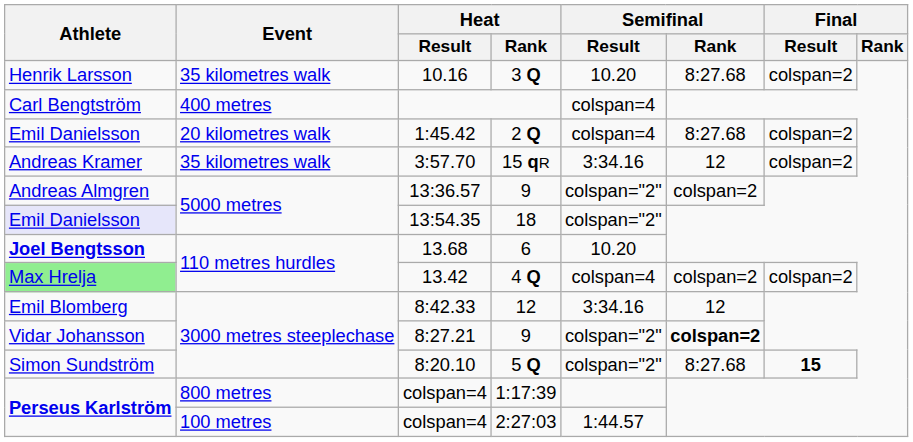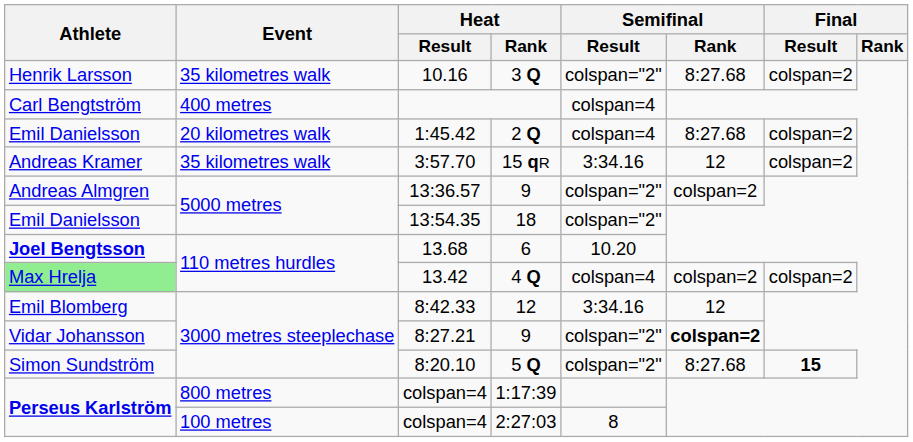 <table class="wikitable" style="font-size:90%">
 <tr>
 <th rowspan="2">Athlete</th>
 <th rowspan="2">Event</th>
 <th colspan="2">Heat</th>
 <th colspan="2">Semifinal</th>
 <th colspan="2">Final</th>
 </tr>
 <tr style="font-size:95%">
 <th>Result</th>
 <th>Rank</th>
 <th>Result</th>
 <th>Rank</th>
 <th>Result</th>
 <th>Rank</th>
 </tr>
 <tr align="center">
 <td align=left><a href='#'>Henrik Larsson</a></td>
 <td align=left><a href='#'>35 kilometres walk</a></td>
 <td>10.16</td>
 <td>3 <strong>Q</strong></td>
-<td>10.20</td>
+<td>colspan="2" </td>
 <td>8:27.68</td>
 <td>colspan=2 </td>
 </tr>
 <tr align="center">
 <td align=left><a href='#'>Carl Bengtström</a></td>
 <td align=left><a href='#'>400 metres</a></td>
 <td colspan=2></td>
 <td>colspan=4 </td>
 </tr>
 <tr align="center">
 <td align=left><a href='#'>Emil Danielsson</a></td>
 <td align=left><a href='#'>20 kilometres walk</a></td>
 <td>1:45.42</td>
 <td>2 <strong>Q</strong></td>
 <td>colspan=4 </td>
 <td>8:27.68</td>
 <td>colspan=2 </td>
 </tr>
 <tr align="center">
 <td align=left><a href='#'>Andreas Kramer</a></td>
 <td align=left><a href='#'>35 kilometres walk</a></td>
 <td>3:57.70</td>
 <td>15 <strong>q</strong><small>R</small></td>
 <td>3:34.16 </td>
 <td>12</td>
 <td>colspan=2 </td>
 </tr>
 <tr align="center">
 <td align=left><a href='#'>Andreas Almgren</a></td>
 <td align=left rowspan=2><a href='#'>5000 metres</a></td>
 <td>13:36.57</td>
 <td>9</td>
 <td>colspan="2" </td>
 <td>colspan=2 </td>
 </tr>
 <tr align="center">
-<td align=left style="background: lavender;"><a href='#'>Emil Danielsson</a></td>
+<td align=left><a href='#'>Emil Danielsson</a></td>
 <td>13:54.35</td>
 <td>18</td>
 <td>colspan="2" </td>
 </tr>
 <tr align="center">
 <td align=left><strong><a href='#'>Joel Bengtsson</a></strong></td>
 <td align=left rowspan=2><a href='#'>110 metres hurdles</a></td>
 <td>13.68</td>
 <td>6</td>
 <td>10.20</td>
 </tr>
 <tr align="center">
 <td align=left style="background: lightgreen;"><a href='#'>Max Hrelja</a></td>
 <td>13.42 </td>
 <td>4 <strong>Q</strong></td>
 <td>colspan=4 </td>
 <td>colspan=2 </td>
 <td>colspan=2 </td>
 </tr>
 <tr align="center">
 <td align=left><a href='#'>Emil Blomberg</a></td>
 <td align=left rowspan=3><a href='#'>3000 metres steeplechase</a></td>
 <td>8:42.33</td>
 <td>12</td>
 <td>3:34.16 </td>
 <td>12</td>
 </tr>
 <tr align="center">
 <td align=left><a href='#'>Vidar Johansson</a></td>
 <td>8:27.21</td>
 <td>9</td>
 <td>colspan="2" </td>
 <td><strong>colspan=2 </strong></td>
 </tr>
 <tr align="center">
 <td align=left><a href='#'>Simon Sundström</a></td>
 <td>8:20.10 </td>
 <td>5 <strong>Q</strong></td>
 <td>colspan="2" </td>
 <td>8:27.68</td>
 <td><strong>15</strong></td>
 </tr>
 <tr align="center">
 <td align=left rowspan=2><strong><a href='#'>Perseus Karlström</a></strong></td>
 <td align=left><a href='#'>800 metres</a></td>
 <td>colspan=4 </td>
 <td>1:17:39 <strong></strong></td>
 <td></td>
 </tr>
 <tr align="center">
 <td align=left><a href='#'>100 metres</a></td>
 <td>colspan=4 </td>
 <td>2:27:03 </td>
-<td>1:44.57</td>
+<td>8</td>
 </tr>
 </table>
